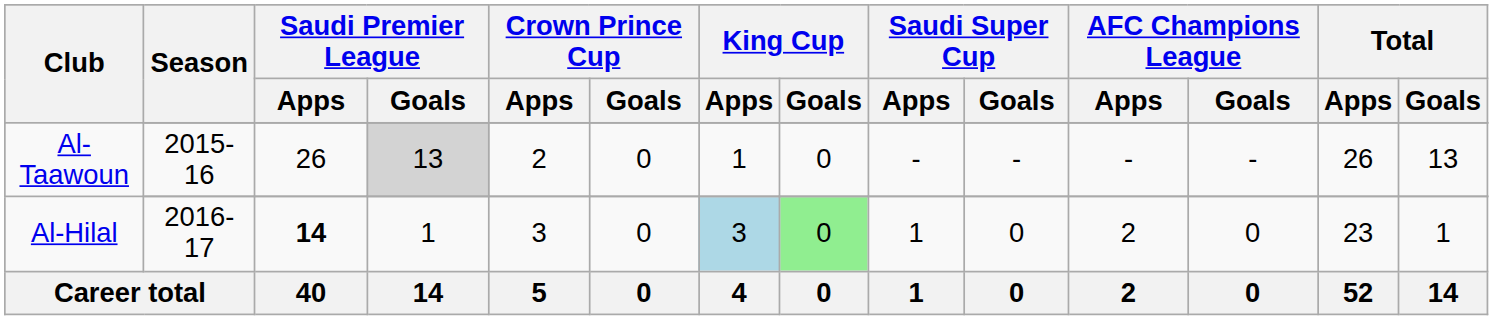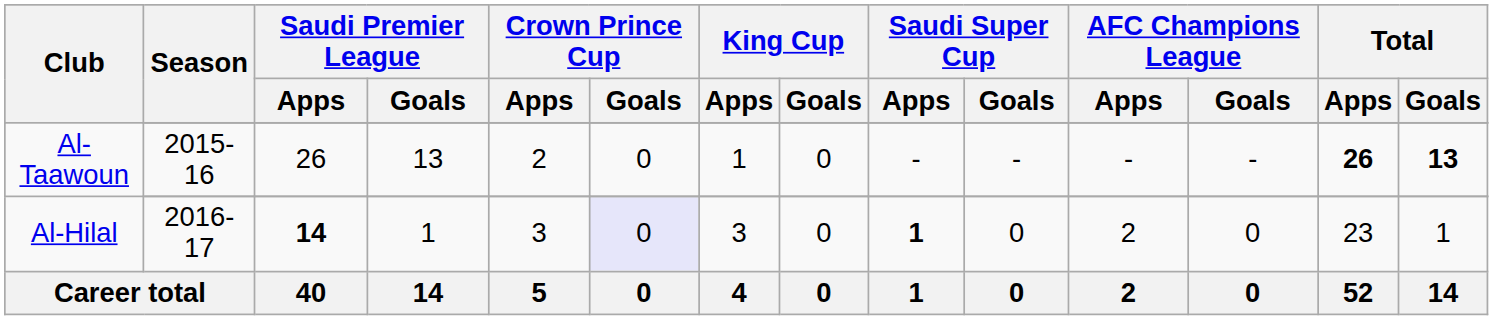 <table class="wikitable" style="text-align: center;">
 <tr>
 <th rowspan="2">Club</th>
 <th rowspan="2">Season</th>
 <th colspan="2"><a href='#'>Saudi Premier League</a></th>
 <th colspan="2"><a href='#'>Crown Prince Cup</a></th>
 <th colspan="2"><a href='#'>King Cup</a></th>
 <th colspan="2"><a href='#'>Saudi Super Cup</a></th>
 <th colspan="2"><a href='#'>AFC Champions League</a></th>
 <th colspan="2">Total</th>
 </tr>
 <tr>
 <th>Apps</th>
 <th>Goals</th>
 <th>Apps</th>
 <th>Goals</th>
 <th>Apps</th>
 <th>Goals</th>
 <th>Apps</th>
 <th>Goals</th>
 <th>Apps</th>
 <th>Goals</th>
 <th>Apps</th>
 <th>Goals</th>
 </tr>
 <tr>
 <td rowspan="2"><a href='#'>Al-Taawoun</a></td>
 </tr>
 <tr>
 <td>2015-16</td>
 <td>26</td>
-<td style="background: lightgrey;">13</td>
+<td>13</td>
 <td>2</td>
 <td>0</td>
 <td>1</td>
 <td>0</td>
 <td>-</td>
 <td>-</td>
 <td>-</td>
 <td>-</td>
-<td>26</td>
-<td>13</td>
+<td><strong>26</strong></td>
+<td><strong>13</strong></td>
 </tr>
 <tr>
 <td rowspan="2"><a href='#'>Al-Hilal</a></td>
 </tr>
 <tr>
 <td>2016-17</td>
 <td><strong>14</strong></td>
 <td>1</td>
 <td>3</td>
+<td style="background: lavender;">0</td>
+<td>3</td>
 <td>0</td>
-<td style="background: lightblue;">3</td>
-<td style="background: lightgreen;">0</td>
-<td>1</td>
+<td><strong>1</strong></td>
 <td>0</td>
 <td>2</td>
 <td>0</td>
 <td>23</td>
 <td>1</td>
 </tr>
 <tr>
 <th colspan=2>Career total</th>
 <th>40</th>
 <th>14</th>
 <th>5</th>
 <th>0</th>
 <th>4</th>
 <th>0</th>
 <th>1</th>
 <th>0</th>
 <th>2</th>
 <th>0</th>
 <th>52</th>
 <th>14</th>
 </tr>
 </table>
